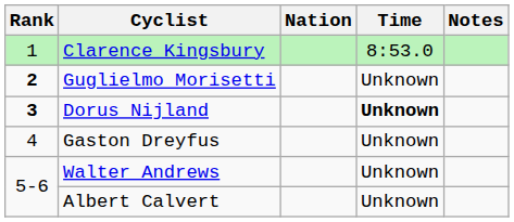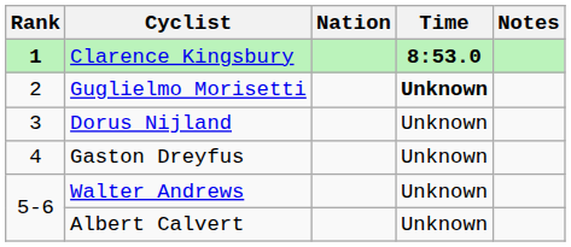 <table class="wikitable sortable">
 <tr>
 <th>Rank</th>
 <th>Cyclist</th>
 <th>Nation</th>
 <th>Time</th>
 <th>Notes</th>
 </tr>
 <tr bgcolor=bbf3bb>
-<td align=center>1</td>
+<td align=center><strong>1</strong></td>
 <td><a href='#'>Clarence Kingsbury</a></td>
 <td></td>
-<td align=center>8:53.0</td>
+<td align=center><strong>8:53.0</strong></td>
 <td align=center></td>
 </tr>
 <tr>
-<td align=center><strong>2</strong></td>
+<td align=center>2</td>
 <td><a href='#'>Guglielmo Morisetti</a></td>
 <td></td>
-<td align=center>Unknown</td>
+<td align=center><strong>Unknown</strong></td>
 <td></td>
 </tr>
 <tr>
-<td align=center><strong>3</strong></td>
+<td align=center>3</td>
 <td><a href='#'>Dorus Nijland</a></td>
 <td></td>
-<td align=center><strong>Unknown</strong></td>
+<td align=center>Unknown</td>
 <td></td>
 </tr>
 <tr>
 <td align=center>4</td>
 <td>Gaston Dreyfus</td>
 <td></td>
 <td align=center>Unknown</td>
 <td></td>
 </tr>
 <tr>
 <td align=center rowspan=2>5-6</td>
 <td><a href='#'>Walter Andrews</a></td>
 <td></td>
 <td align=center>Unknown</td>
 <td></td>
 </tr>
 <tr>
 <td>Albert Calvert</td>
 <td></td>
 <td align=center>Unknown</td>
 <td></td>
 </tr>
 </table>
